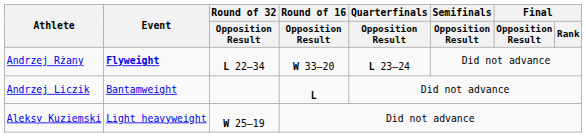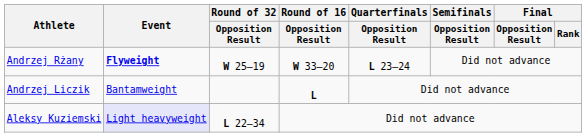 <table class="wikitable" style="font-size:90%">
 <tr>
 <th rowspan="2">Athlete</th>
 <th rowspan="2">Event</th>
 <th>Round of 32</th>
 <th>Round of 16</th>
 <th>Quarterfinals</th>
 <th>Semifinals</th>
 <th colspan=2>Final</th>
 </tr>
 <tr style="font-size:95%">
 <th>Opposition<br>Result</th>
 <th>Opposition<br>Result</th>
 <th>Opposition<br>Result</th>
 <th>Opposition<br>Result</th>
 <th>Opposition<br>Result</th>
 <th>Rank</th>
 </tr>
 <tr align=center>
 <td align=left><a href='#'>Andrzej Rżany</a></td>
 <td align=left><strong><a href='#'>Flyweight</a></strong></td>
-<td><br><strong>L</strong> 22–34</td>
+<td><br><strong>W</strong> 25–19</td>
 <td><br><strong>W</strong> 33–20</td>
 <td><br><strong>L</strong> 23–24</td>
 <td colspan=3>Did not advance</td>
 </tr>
 <tr align=center>
 <td align=left><a href='#'>Andrzej Liczik</a></td>
 <td align=left><a href='#'>Bantamweight</a></td>
 <td></td>
 <td><br><strong>L</strong> </td>
 <td colspan=4>Did not advance</td>
 </tr>
 <tr align=center>
 <td align=left><a href='#'>Aleksy Kuziemski</a></td>
-<td align=left><a href='#'>Light heavyweight</a></td>
-<td><br><strong>W</strong> 25–19</td>
+<td align=left style="background: lavender;"><a href='#'>Light heavyweight</a></td>
+<td><br><strong>L</strong> 22–34</td>
 <td colspan=5>Did not advance</td>
 </tr>
 </table>
